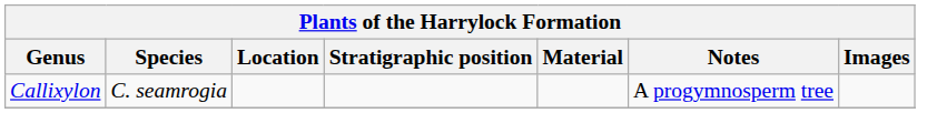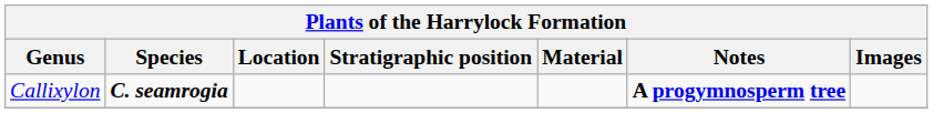 <table class="wikitable" align="center">
 <tr>
 <th colspan="7" align="center"><a href='#'>Plants</a> of the Harrylock Formation</th>
 </tr>
 <tr>
 <th>Genus</th>
 <th>Species</th>
 <th>Location</th>
 <th>Stratigraphic position</th>
 <th>Material</th>
 <th>Notes</th>
 <th>Images</th>
 </tr>
 <tr>
 <td><em><a href='#'>Callixylon</a></em></td>
-<td><em>C. seamrogia</em></td>
+<td><strong><em>C. seamrogia</em></strong></td>
 <td></td>
 <td></td>
 <td></td>
-<td>A <a href='#'>progymnosperm</a> <a href='#'>tree</a></td>
+<td><strong>A <a href='#'>progymnosperm</a> <a href='#'>tree</a></strong></td>
 <td></td>
 </tr>
 <tr>
 </tr>
 </table>
